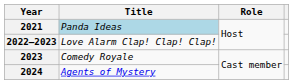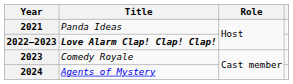 <table class="wikitable plainrowheaders sortable">
 <tr>
 <th scope="col">Year</th>
 <th scope="col">Title</th>
 <th scope="col">Role</th>
 <th class="unsortable" scope="col"></th>
 </tr>
 <tr>
 <th scope="row">2021</th>
-<td style="background: lightblue;"><em>Panda Ideas</em></td>
+<td><em>Panda Ideas</em></td>
 <td rowspan="2">Host</td>
 <td style="text-align:center"></td>
 </tr>
 <tr>
 <th scope="row">2022–2023</th>
-<td><em>Love Alarm Clap! Clap! Clap!</em></td>
+<td><strong><em>Love Alarm Clap! Clap! Clap!</em></strong></td>
 <td style="text-align:center"></td>
 </tr>
 <tr>
 <th scope="row">2023</th>
 <td><em>Comedy Royale</em></td>
 <td rowspan="2">Cast member</td>
 <td style="text-align:center"></td>
 </tr>
 <tr>
 <th scope="row">2024</th>
 <td><em><a href='#'>Agents of Mystery</a></em></td>
 <td style="text-align:center"></td>
 </tr>
 </table>
